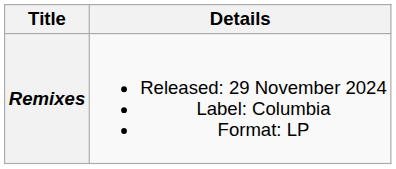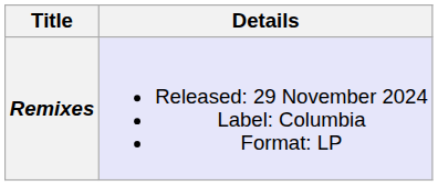 <table class="wikitable plainrowheaders" style="text-align:center;" border="1">
 <tr>
 <th>Title</th>
 <th>Details</th>
 </tr>
 <tr>
 <th scope="row"><em>Remixes</em></th>
-<td><br><ul><li>Released: 29 November 2024</li><li>Label: Columbia</li><li>Format: LP</li></ul></td>
+<td style="background: lavender;"><br><ul><li>Released: 29 November 2024</li><li>Label: Columbia</li><li>Format: LP</li></ul></td>
 </tr>
 </table>
